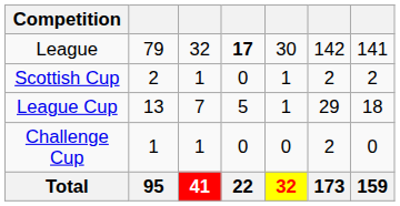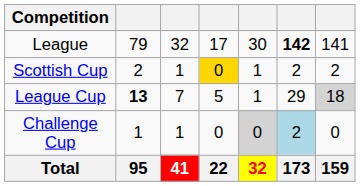 <table class="wikitable" style="text-align:center">
 <tr>
 <th width=100>Competition</th>
 <th width=35></th>
 <th width=30></th>
 <th width=30></th>
 <th width=30></th>
 <th width=30></th>
 <th width=30></th>
 </tr>
 <tr>
 <td>League</td>
 <td>79</td>
 <td>32</td>
-<td><strong>17</strong></td>
+<td>17</td>
 <td>30</td>
-<td>142</td>
+<td><strong>142</strong></td>
 <td>141</td>
 </tr>
 <tr>
 <td><a href='#'>Scottish Cup</a></td>
 <td>2</td>
 <td>1</td>
-<td>0</td>
+<td style="background: gold;">0</td>
 <td>1</td>
 <td>2</td>
 <td>2</td>
 </tr>
 <tr>
 <td><a href='#'>League Cup</a></td>
-<td>13</td>
+<td><strong>13</strong></td>
 <td>7</td>
 <td>5</td>
 <td>1</td>
 <td>29</td>
-<td>18</td>
+<td style="background: lightgrey;">18</td>
 </tr>
 <tr>
 <td><a href='#'>Challenge Cup</a></td>
 <td>1</td>
 <td>1</td>
 <td>0</td>
-<td>0</td>
-<td>2</td>
+<td style="background: lightgrey;">0</td>
+<td style="background: lightblue;">2</td>
 <td>0</td>
 </tr>
 <tr>
 <th>Total</th>
 <th>95</th>
 <th style="text-align:center; color:white; background:red;">41</th>
 <th>22</th>
 <th style="text-align:center; color:red; background:yellow;">32</th>
 <th>173</th>
 <th>159</th>
 </tr>
 </table>
